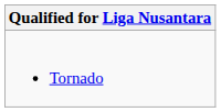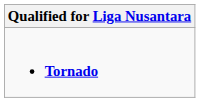 <table class="wikitable">
 <tr style="vertical-align:top">
 <th> Qualified for <a href='#'>Liga Nusantara</a></th>
 </tr>
 <tr>
-<td><br><ul><li><a href='#'>Tornado</a></li></ul></td>
+<td><strong><br><ul><li><a href='#'>Tornado</a></li></ul></strong></td>
 </tr>
 </table>
